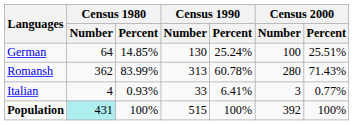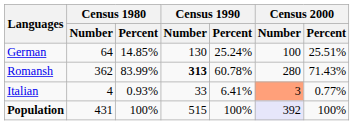 <table class="wikitable">
 <tr ---->
 <th rowspan="2">Languages</th>
 <th colspan="2">Census 1980</th>
 <th colspan="2">Census 1990</th>
 <th colspan="2">Census 2000</th>
 </tr>
 <tr ---->
 <th>Number</th>
 <th>Percent</th>
 <th>Number</th>
 <th>Percent</th>
 <th>Number</th>
 <th>Percent</th>
 </tr>
 <tr ---->
 <td><a href='#'>German</a></td>
 <td align=right>64</td>
 <td align=right>14.85%</td>
 <td align=right>130</td>
 <td align=right>25.24%</td>
 <td align=right>100</td>
 <td align=right>25.51%</td>
 </tr>
 <tr ---->
 <td><a href='#'>Romansh</a></td>
 <td align=right>362</td>
 <td align=right>83.99%</td>
-<td align=right>313</td>
+<td align=right><strong>313</strong></td>
 <td align=right>60.78%</td>
 <td align=right>280</td>
 <td align=right>71.43%</td>
 </tr>
 <tr ---->
 <td><a href='#'>Italian</a></td>
 <td align=right>4</td>
 <td align=right>0.93%</td>
 <td align=right>33</td>
 <td align=right>6.41%</td>
-<td align=right>3</td>
+<td align=right style="background: lightsalmon;">3</td>
 <td align=right>0.77%</td>
 </tr>
 <tr ---->
 <td><strong>Population</strong></td>
-<td align=right style="background: paleturquoise;">431</td>
+<td align=right>431</td>
 <td align=right>100%</td>
 <td align=right>515</td>
 <td align=right>100%</td>
-<td align=right>392</td>
+<td align=right style="background: lavender;">392</td>
 <td align=right>100%</td>
 </tr>
 </table>
